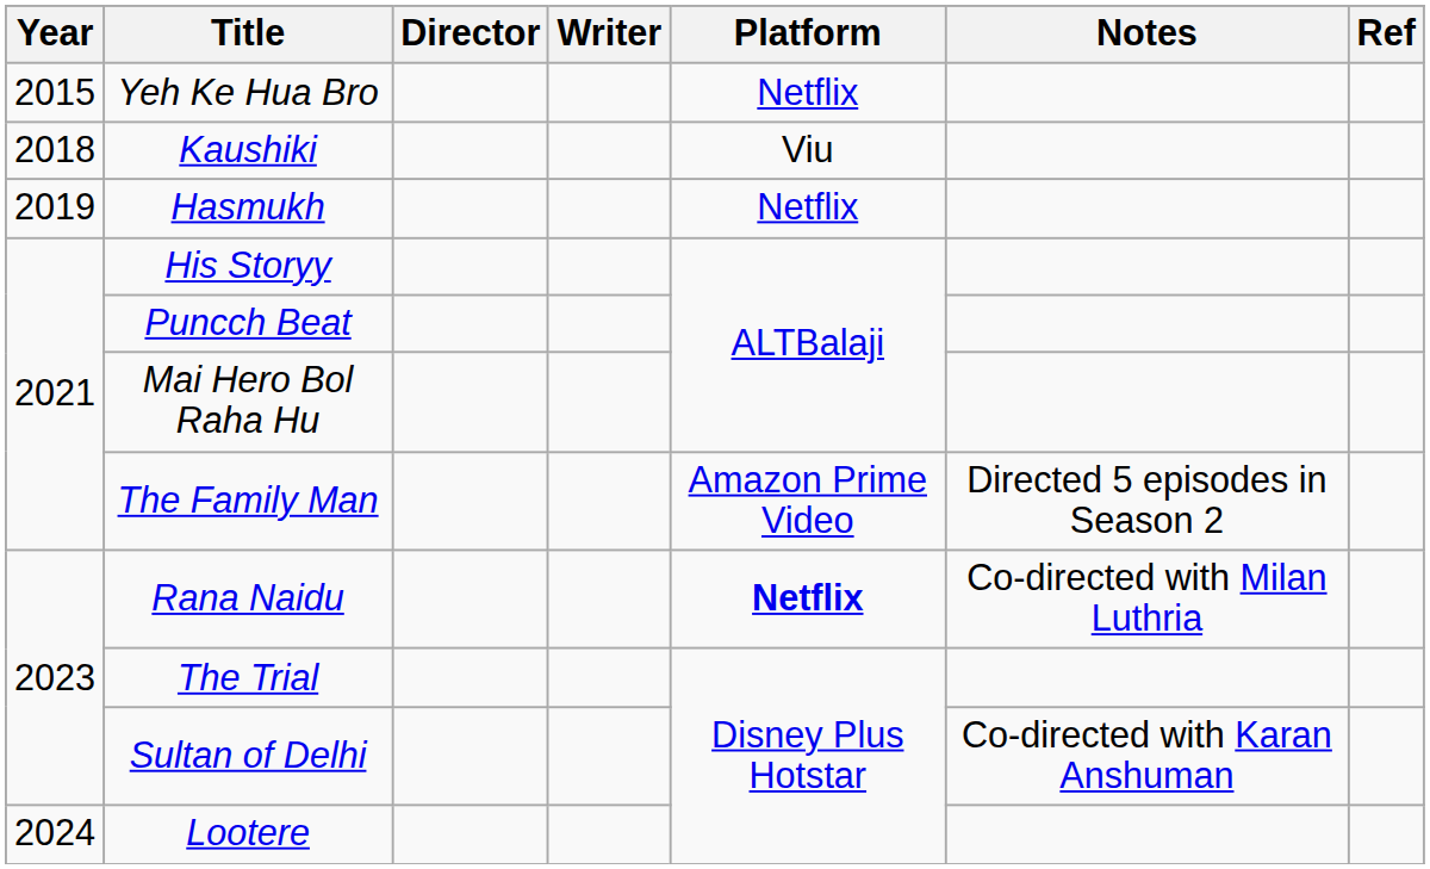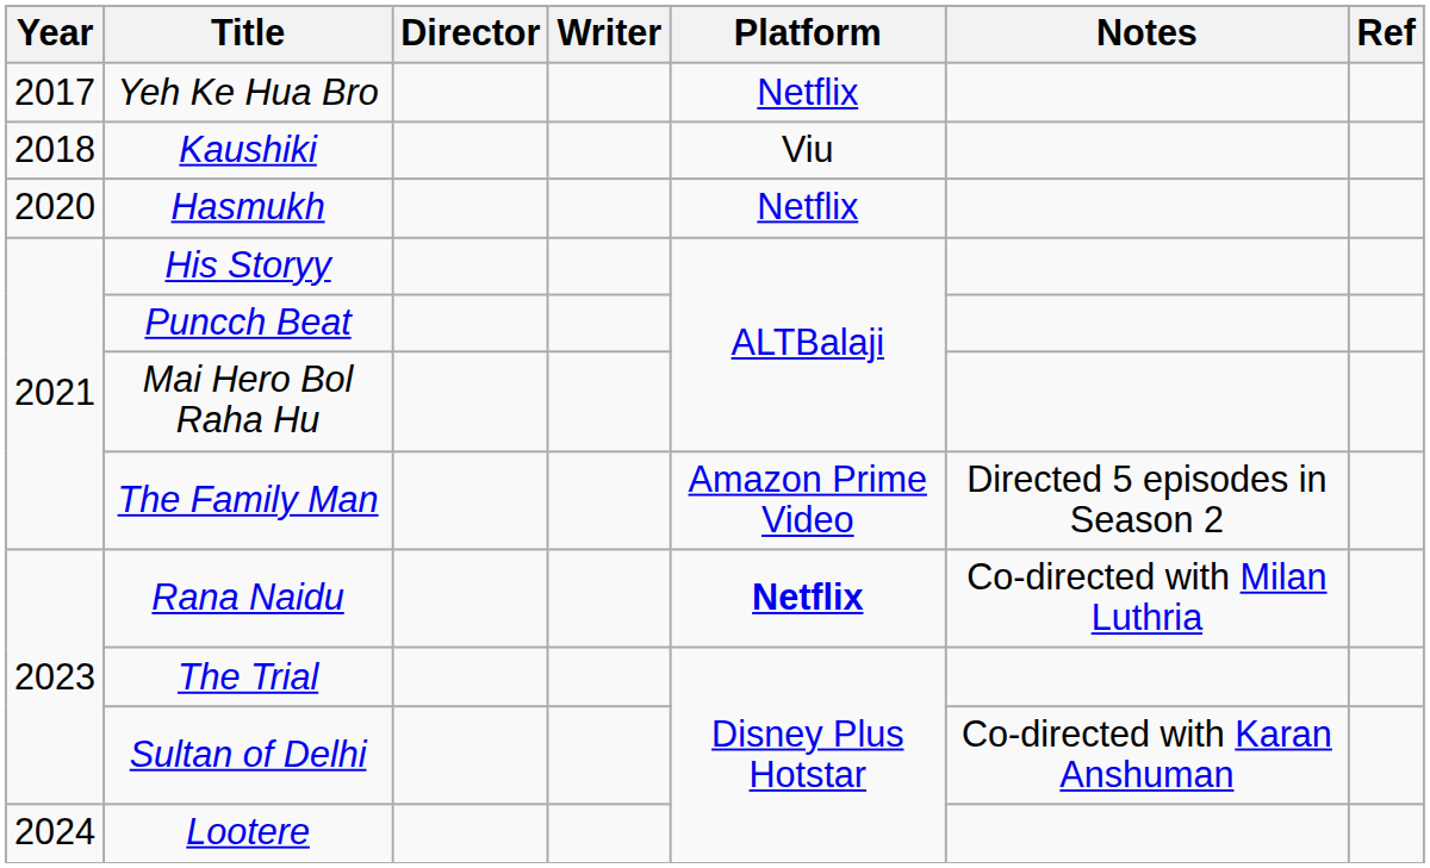 <table class="wikitable" style="width: 100%; text-align: center;">
 <tr>
 <th>Year</th>
 <th>Title</th>
 <th>Director</th>
 <th>Writer</th>
 <th>Platform</th>
 <th>Notes</th>
 <th>Ref</th>
 </tr>
 <tr>
-<td>2015</td>
+<td>2017</td>
 <td><em>Yeh Ke Hua Bro</em></td>
 <td></td>
 <td></td>
 <td><a href='#'>Netflix</a></td>
 <td></td>
 <td></td>
 </tr>
 <tr>
 <td>2018</td>
 <td><em><a href='#'>Kaushiki</a></em></td>
 <td></td>
 <td></td>
 <td>Viu</td>
 <td></td>
 <td></td>
 </tr>
 <tr>
-<td>2019</td>
+<td>2020</td>
 <td><em><a href='#'>Hasmukh</a></em></td>
 <td></td>
 <td></td>
 <td><a href='#'>Netflix</a></td>
 <td></td>
 <td></td>
 </tr>
 <tr>
 <td rowspan="4">2021</td>
 <td><em><a href='#'>His Storyy</a></em></td>
 <td></td>
 <td></td>
 <td rowspan="3"><a href='#'>ALTBalaji</a></td>
 <td></td>
 <td></td>
 </tr>
 <tr>
 <td><em><a href='#'>Puncch Beat</a></em></td>
 <td></td>
 <td></td>
 <td></td>
 <td></td>
 </tr>
 <tr>
 <td><em>Mai Hero Bol Raha Hu</em></td>
 <td></td>
 <td></td>
 <td></td>
 <td></td>
 </tr>
 <tr>
 <td><em><a href='#'>The Family Man</a></em></td>
 <td></td>
 <td></td>
 <td><a href='#'>Amazon Prime Video</a></td>
 <td>Directed 5 episodes in Season 2</td>
 <td></td>
 </tr>
 <tr>
 <td rowspan="3">2023</td>
 <td><em><a href='#'>Rana Naidu</a></em></td>
 <td></td>
 <td></td>
 <td><strong><a href='#'>Netflix</a></strong></td>
 <td>Co-directed with <a href='#'>Milan Luthria</a></td>
 <td></td>
 </tr>
 <tr>
 <td><em><a href='#'>The Trial</a></em></td>
 <td></td>
 <td></td>
 <td rowspan="3"><a href='#'>Disney Plus Hotstar</a></td>
 <td></td>
 <td></td>
 </tr>
 <tr>
 <td><em><a href='#'>Sultan of Delhi</a></em></td>
 <td></td>
 <td></td>
 <td>Co-directed with <a href='#'>Karan Anshuman</a></td>
 <td></td>
 </tr>
 <tr>
 <td>2024</td>
 <td><em><a href='#'>Lootere</a></em></td>
 <td></td>
 <td></td>
 <td></td>
 <td></td>
 </tr>
 </table>
